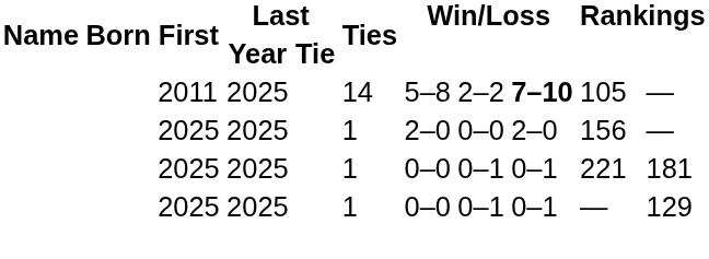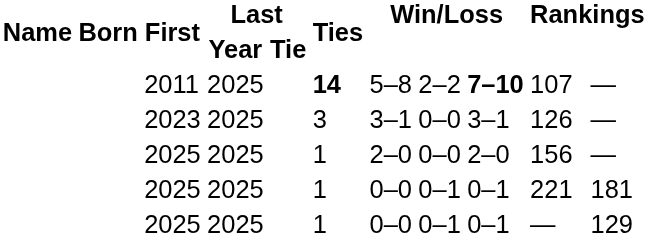 <table class=“wikitable sortable”>
 <tr style=“text-align:center;”>
 <th rowspan=2>Name</th>
 <th rowspan=2>Born</th>
 <th rowspan=2>First</th>
 <th colspan=2>Last</th>
 <th rowspan=2>Ties</th>
 <th class=“unsortable” colspan=3>Win/Loss</th>
 <th class=“unsortable” colspan=2>Rankings</th>
 </tr>
 <tr>
 <th>Year</th>
 <th>Tie</th>
 <th></th>
 <th></th>
 <th></th>
 <th></th>
 <th></th>
 </tr>
 <tr>
 <td></td>
 <td></td>
 <td>2011</td>
 <td>2025</td>
 <td></td>
-<td>14</td>
+<td><strong>14</strong></td>
 <td>5–8</td>
 <td>2–2</td>
 <td><strong>7–10</strong></td>
-<td style=“text-align:center;”>105</td>
+<td style=“text-align:center;”>107</td>
+<td style=“text-align:center;”>—</td>
+</tr>
+<tr>
+<td></td>
+<td></td>
+<td>2023</td>
+<td>2025</td>
+<td></td>
+<td>3</td>
+<td>3–1</td>
+<td>0–0</td>
+<td>3–1</td>
+<td style=“text-align:center;”>126</td>
 <td style=“text-align:center;”>—</td>
 </tr>
 <tr>
 <td></td>
 <td></td>
 <td>2025</td>
 <td>2025</td>
 <td></td>
 <td>1</td>
 <td>2–0</td>
 <td>0–0</td>
 <td>2–0</td>
 <td style=“text-align:center;”>156</td>
 <td style=“text-align:center;”>—</td>
 </tr>
 <tr>
 <td></td>
 <td></td>
 <td>2025</td>
 <td>2025</td>
 <td></td>
 <td>1</td>
 <td>0–0</td>
 <td>0–1</td>
 <td>0–1</td>
 <td style=“text-align:center;”>221</td>
 <td style=“text-align:center;”>181</td>
 </tr>
 <tr>
 <td></td>
 <td></td>
 <td>2025</td>
 <td>2025</td>
 <td></td>
 <td>1</td>
 <td>0–0</td>
 <td>0–1</td>
 <td>0–1</td>
 <td style=“text-align:center;”>—</td>
 <td style=“text-align:center;”>129</td>
 </tr>
 </table>
